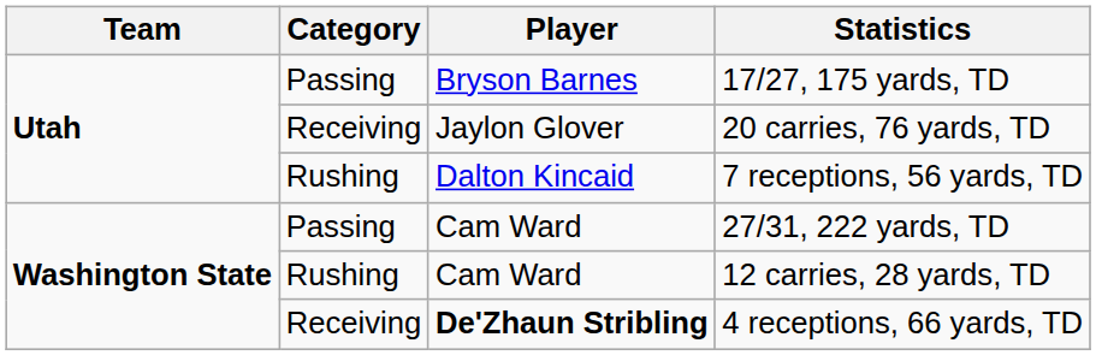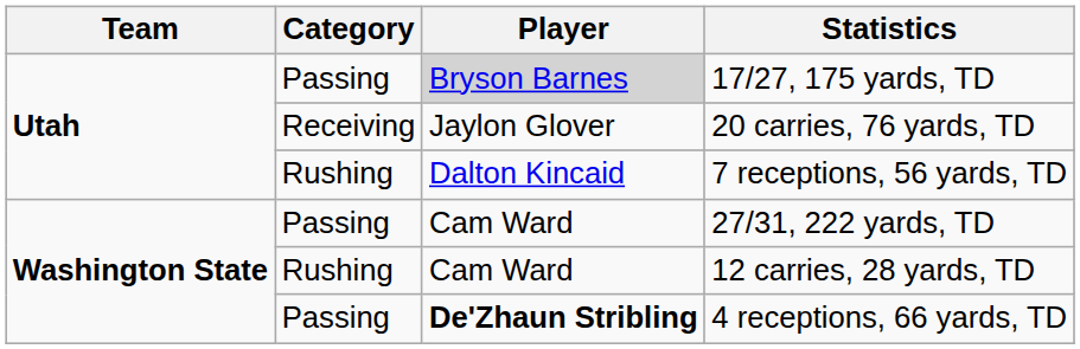 <table class="wikitable" style="float: right;">
 <tr>
 <th>Team</th>
 <th>Category</th>
 <th>Player</th>
 <th>Statistics</th>
 </tr>
 <tr>
 <td rowspan=3><strong>Utah</strong></td>
 <td>Passing</td>
-<td><a href='#'>Bryson Barnes</a></td>
+<td style="background: lightgrey;"><a href='#'>Bryson Barnes</a></td>
 <td>17/27, 175 yards, TD</td>
 </tr>
 <tr>
 <td>Receiving</td>
 <td>Jaylon Glover</td>
 <td>20 carries, 76 yards, TD</td>
 </tr>
 <tr>
 <td>Rushing</td>
 <td><a href='#'>Dalton Kincaid</a></td>
 <td>7 receptions, 56 yards, TD</td>
 </tr>
 <tr>
 <td rowspan=3><strong>Washington State</strong></td>
 <td>Passing</td>
 <td>Cam Ward</td>
 <td>27/31, 222 yards, TD</td>
 </tr>
 <tr>
 <td>Rushing</td>
 <td>Cam Ward</td>
 <td>12 carries, 28 yards, TD</td>
 </tr>
 <tr>
-<td>Receiving</td>
+<td>Passing</td>
 <td><strong>De'Zhaun Stribling</strong></td>
 <td>4 receptions, 66 yards, TD</td>
 </tr>
 </table>
